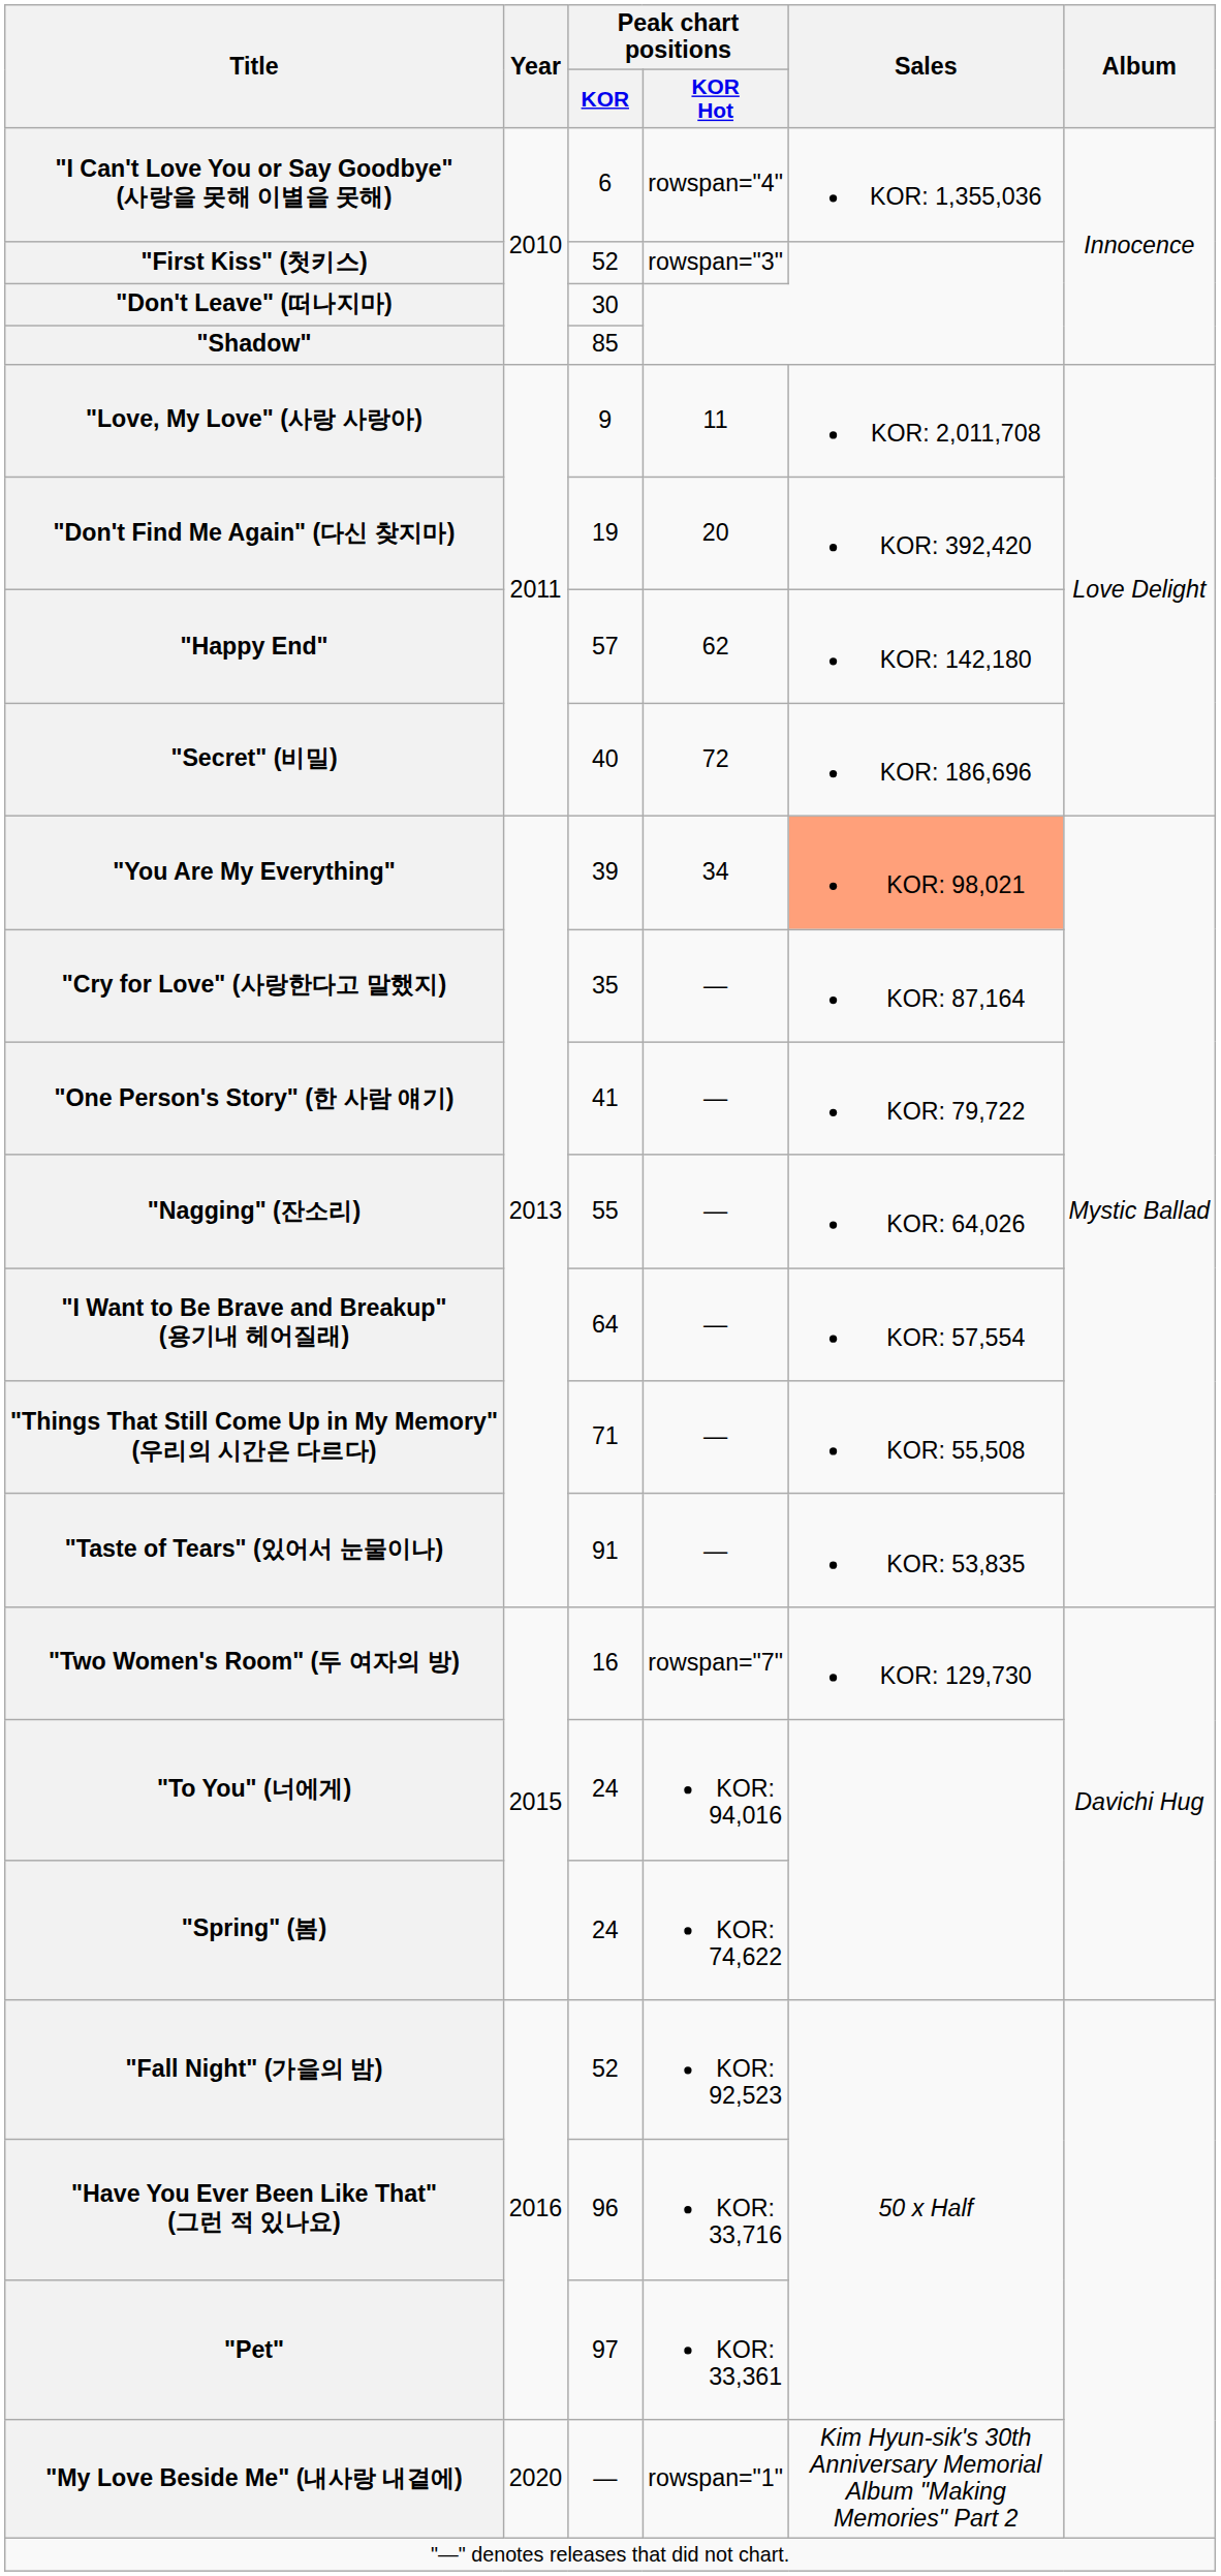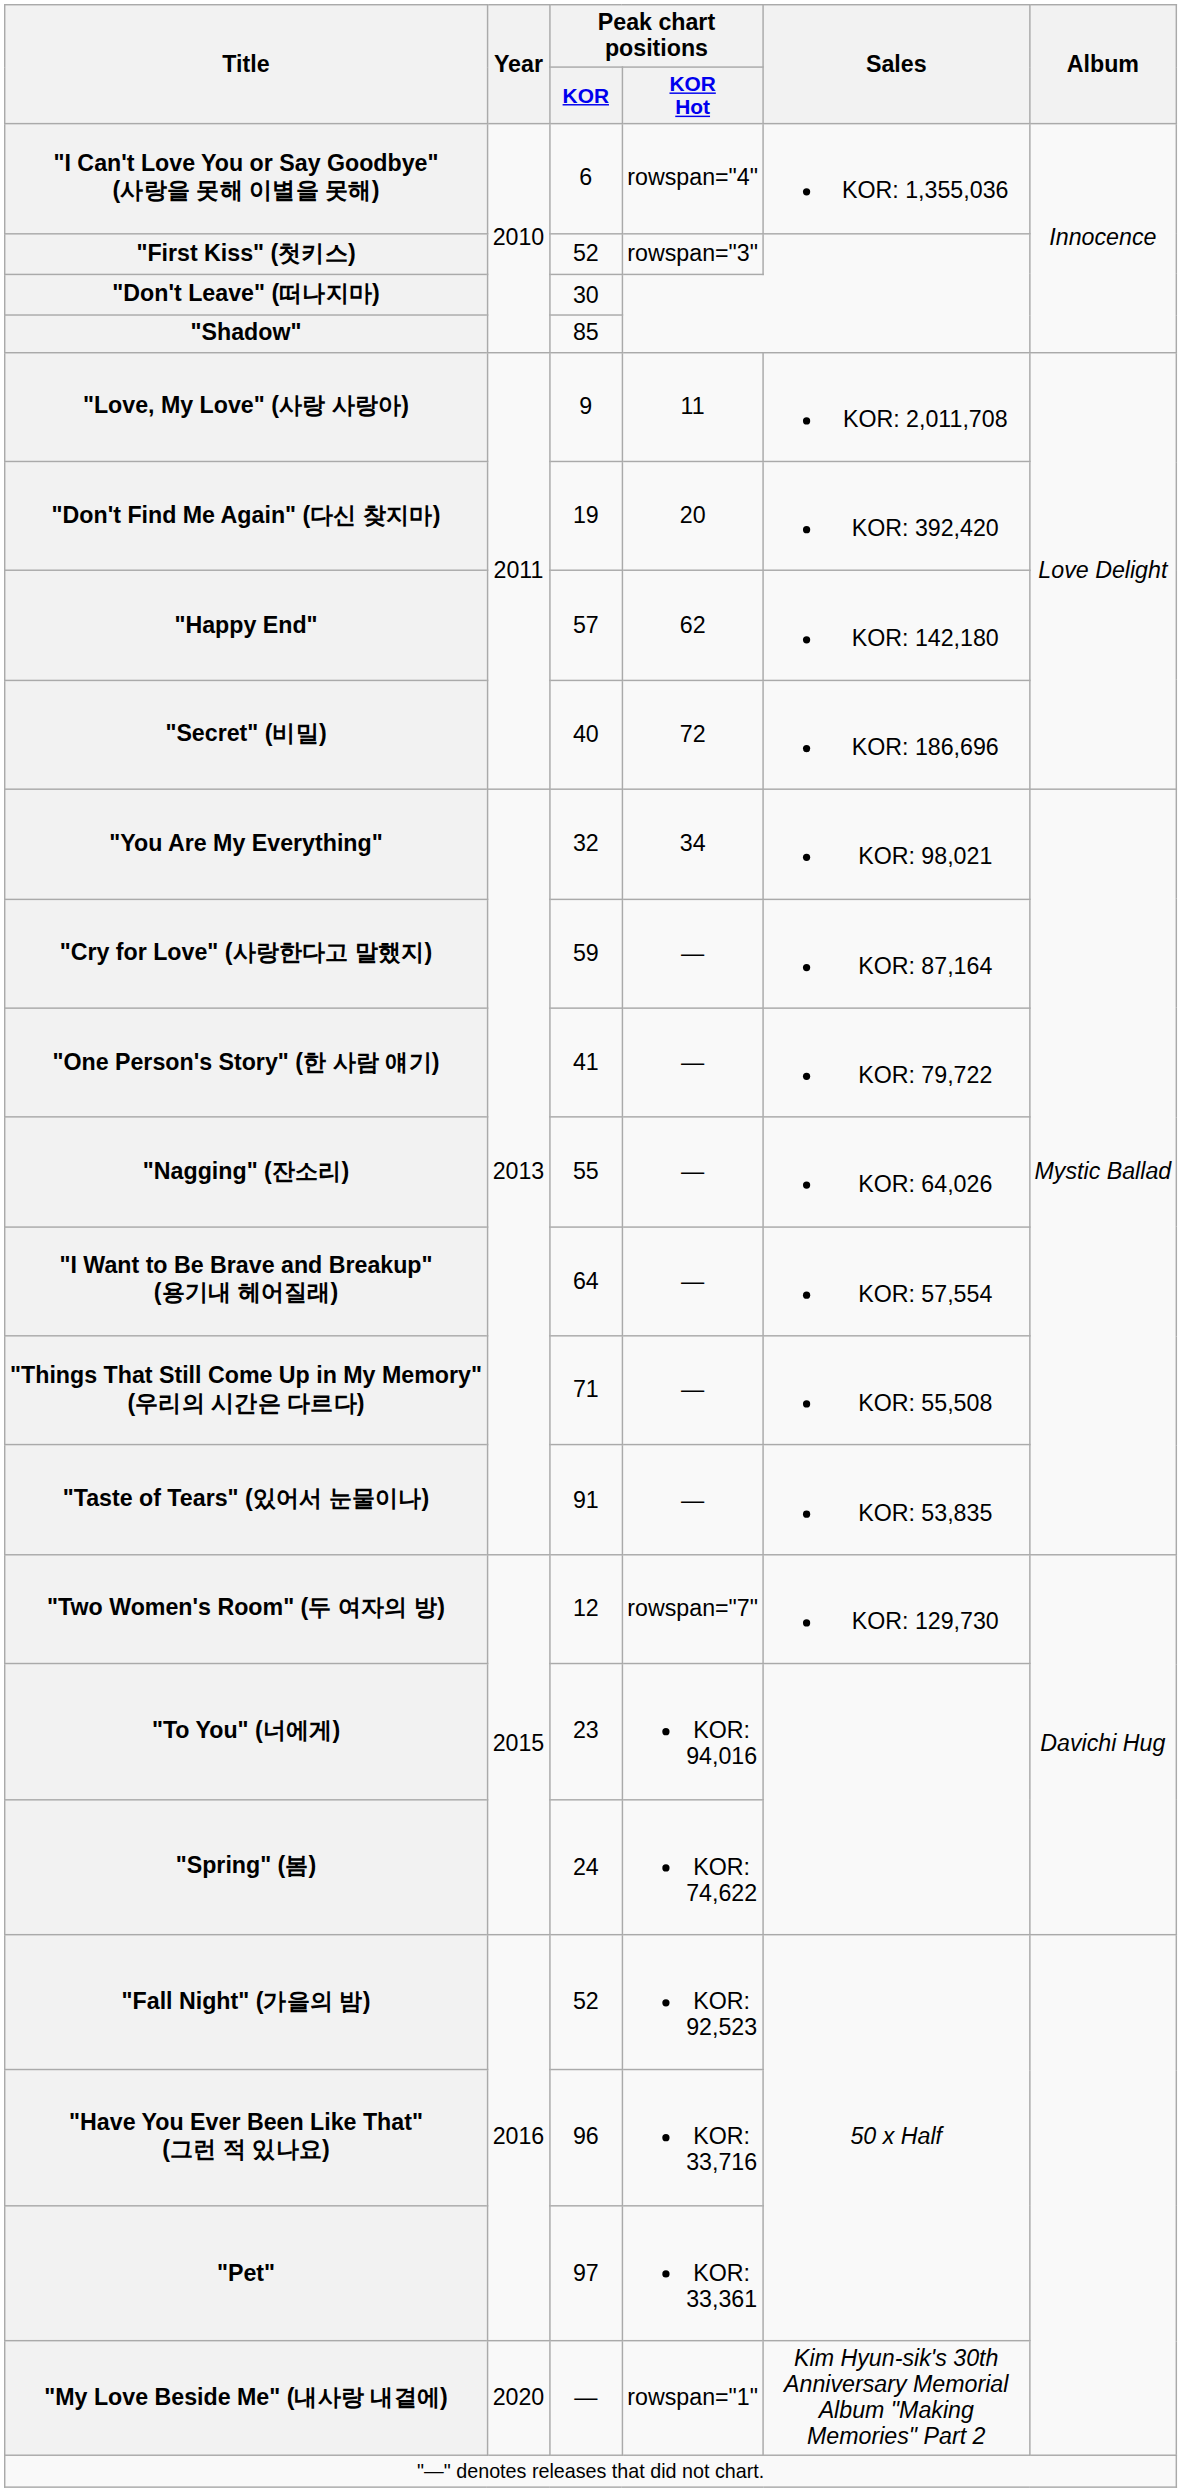 <table class="wikitable plainrowheaders" style="text-align:center;">
 <tr>
 <th scope="col" rowspan="2">Title</th>
 <th scope="col" rowspan="2">Year</th>
 <th scope="col" colspan="2">Peak chart<br>positions</th>
 <th scope="col" rowspan="2" style="width:11em;">Sales</th>
 <th scope="col" rowspan="2">Album</th>
 </tr>
 <tr>
 <th scope="col" style="width:3em;font-size:90%;"><a href='#'>KOR</a><br></th>
 <th scope="col" style="width:3em;font-size:90%;"><a href='#'>KOR<br>Hot</a><br></th>
 </tr>
 <tr>
 <th scope="row">"I Can't Love You or Say Goodbye" <br> (사랑을 못해 이별을 못해)</th>
 <td rowspan="4">2010</td>
 <td>6</td>
 <td>rowspan="4" </td>
 <td><br><ul><li>KOR: 1,355,036</li></ul></td>
 <td rowspan="4"><em>Innocence</em></td>
 </tr>
 <tr>
 <th scope="row">"First Kiss" (첫키스)</th>
 <td>52</td>
 <td>rowspan="3" </td>
 </tr>
 <tr>
 <th scope="row">"Don't Leave" (떠나지마)<br></th>
 <td>30</td>
 </tr>
 <tr>
 <th scope="row">"Shadow"</th>
 <td>85</td>
 </tr>
 <tr>
 <th scope="row">"Love, My Love" (사랑 사랑아)</th>
 <td rowspan="4">2011</td>
 <td>9</td>
 <td>11</td>
 <td><br><ul><li>KOR: 2,011,708</li></ul></td>
 <td rowspan="4"><em>Love Delight</em></td>
 </tr>
 <tr>
 <th scope="row">"Don't Find Me Again" (다신 찾지마)</th>
 <td>19</td>
 <td>20</td>
 <td><br><ul><li>KOR: 392,420</li></ul></td>
 </tr>
 <tr>
 <th scope="row">"Happy End"</th>
 <td>57</td>
 <td>62</td>
 <td><br><ul><li>KOR: 142,180</li></ul></td>
 </tr>
 <tr>
 <th scope="row">"Secret" (비밀)</th>
 <td>40</td>
 <td>72</td>
 <td><br><ul><li>KOR: 186,696</li></ul></td>
 </tr>
 <tr>
 <th scope="row">"You Are My Everything"</th>
 <td rowspan="7">2013</td>
-<td>39</td>
+<td>32</td>
 <td>34</td>
-<td style="background: lightsalmon;"><br><ul><li>KOR: 98,021</li></ul></td>
+<td><br><ul><li>KOR: 98,021</li></ul></td>
 <td rowspan="7"><em>Mystic Ballad</em></td>
 </tr>
 <tr>
 <th scope="row">"Cry for Love" (사랑한다고 말했지)</th>
-<td>35</td>
+<td>59</td>
 <td>—</td>
 <td><br><ul><li>KOR: 87,164</li></ul></td>
 </tr>
 <tr>
 <th scope="row">"One Person's Story" (한 사람 얘기)</th>
 <td>41</td>
 <td>—</td>
 <td><br><ul><li>KOR: 79,722</li></ul></td>
 </tr>
 <tr>
 <th scope="row">"Nagging" (잔소리)</th>
 <td>55</td>
 <td>—</td>
 <td><br><ul><li>KOR: 64,026</li></ul></td>
 </tr>
 <tr>
 <th scope="row">"I Want to Be Brave and Breakup" <br> (용기내 헤어질래)</th>
 <td>64</td>
 <td>—</td>
 <td><br><ul><li>KOR: 57,554</li></ul></td>
 </tr>
 <tr>
 <th scope="row">"Things That Still Come Up in My Memory" <br> (우리의 시간은 다르다)</th>
 <td>71</td>
 <td>—</td>
 <td><br><ul><li>KOR: 55,508</li></ul></td>
 </tr>
 <tr>
 <th scope="row">"Taste of Tears" (있어서 눈물이나)</th>
 <td>91</td>
 <td>—</td>
 <td><br><ul><li>KOR: 53,835</li></ul></td>
 </tr>
 <tr>
 <th scope="row">"Two Women's Room" (두 여자의 방)</th>
 <td rowspan="3">2015</td>
-<td>16</td>
+<td>12</td>
 <td>rowspan="7" </td>
 <td><br><ul><li>KOR: 129,730</li></ul></td>
 <td rowspan="3"><em>Davichi Hug</em></td>
 </tr>
 <tr>
 <th scope="row">"To You" (너에게)</th>
-<td>24</td>
+<td>23</td>
 <td><br><ul><li>KOR: 94,016</li></ul></td>
 </tr>
 <tr>
 <th scope="row">"Spring" (봄)</th>
 <td>24</td>
 <td><br><ul><li>KOR: 74,622</li></ul></td>
 </tr>
 <tr>
 <th scope="row">"Fall Night" (가을의 밤)</th>
 <td rowspan="3">2016</td>
 <td>52</td>
 <td><br><ul><li>KOR: 92,523</li></ul></td>
 <td rowspan="3"><em>50 x Half</em></td>
 </tr>
 <tr>
 <th scope="row">"Have You Ever Been Like That"<br>(그런 적 있나요)</th>
 <td>96</td>
 <td><br><ul><li>KOR: 33,716</li></ul></td>
 </tr>
 <tr>
 <th scope="row">"Pet"</th>
 <td>97</td>
 <td><br><ul><li>KOR: 33,361</li></ul></td>
 </tr>
 <tr>
 <th scope="row">"My Love Beside Me" (내사랑 내곁에)</th>
 <td>2020</td>
 <td>—</td>
 <td>rowspan="1" </td>
 <td><em>Kim Hyun-sik's 30th Anniversary Memorial <br> Album "Making Memories" Part 2</em></td>
 </tr>
 <tr>
 <td colspan="6" style="font-size:85%;">"—" denotes releases that did not chart.</td>
 </tr>
 </table>
